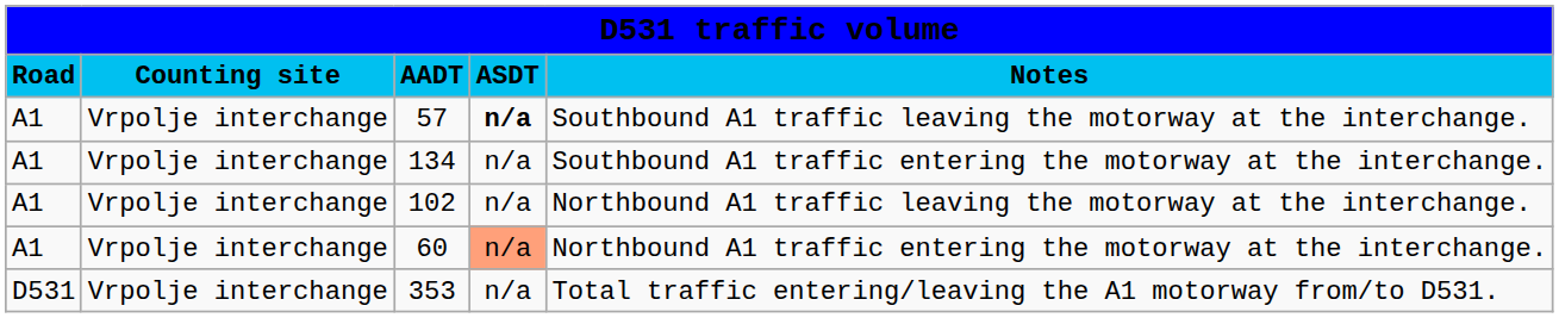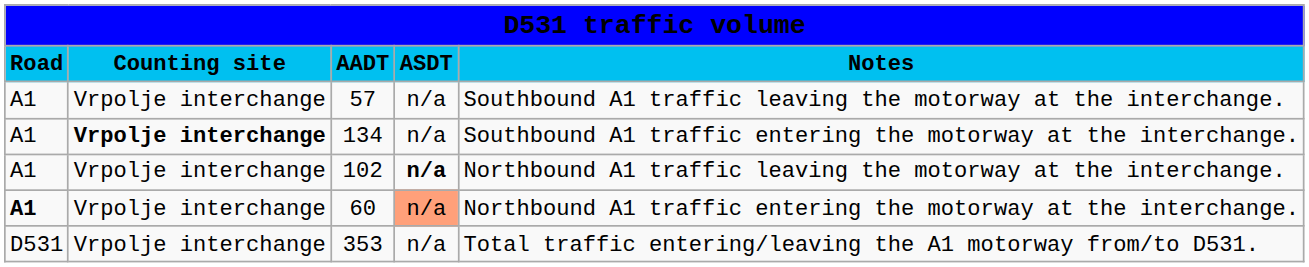 <table class="wikitable">
 <tr>
 <td colspan=5 bgcolor=blue align=center style=margin-top:15><span><big><strong>D531 traffic volume</strong></big></span></td>
 </tr>
 <tr>
 <td align=center bgcolor=00c0f0><strong>Road</strong></td>
 <td align=center bgcolor=00c0f0><strong>Counting site</strong></td>
 <td align=center bgcolor=00c0f0><strong>AADT</strong></td>
 <td align=center bgcolor=00c0f0><strong>ASDT</strong></td>
 <td align=center bgcolor=00c0f0><strong>Notes</strong></td>
 </tr>
 <tr>
 <td> A1</td>
 <td>Vrpolje interchange</td>
 <td align=center>57</td>
-<td align=center><strong>n/a</strong></td>
+<td align=center>n/a</td>
 <td>Southbound A1 traffic leaving the motorway at the interchange.</td>
 </tr>
 <tr>
 <td> A1</td>
-<td>Vrpolje interchange</td>
+<td><strong>Vrpolje interchange</strong></td>
 <td align=center>134</td>
 <td align=center>n/a</td>
 <td>Southbound A1 traffic entering the motorway at the interchange.</td>
 </tr>
 <tr>
 <td> A1</td>
 <td>Vrpolje interchange</td>
 <td align=center>102</td>
-<td align=center>n/a</td>
+<td align=center><strong>n/a</strong></td>
 <td>Northbound A1 traffic leaving the motorway at the interchange.</td>
 </tr>
 <tr>
-<td> A1</td>
+<td><strong> A1</strong></td>
 <td>Vrpolje interchange</td>
 <td align=center>60</td>
 <td align=center style="background: lightsalmon;">n/a</td>
 <td>Northbound A1 traffic entering the motorway at the interchange.</td>
 </tr>
 <tr>
 <td> D531</td>
 <td>Vrpolje interchange</td>
 <td align=center>353</td>
 <td align=center>n/a</td>
 <td>Total traffic entering/leaving the A1 motorway from/to D531.</td>
 </tr>
 </table>
